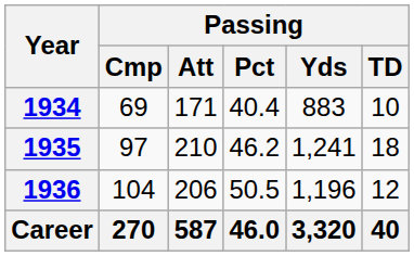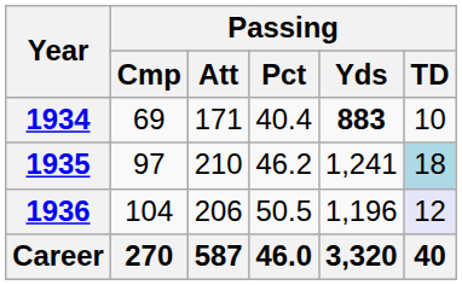 <table class="wikitable" style="text-align: center;">
 <tr>
 <th rowspan="2">Year</th>
 <th colspan="5">Passing</th>
 </tr>
 <tr>
 <th>Cmp</th>
 <th>Att</th>
 <th>Pct</th>
 <th>Yds</th>
 <th>TD</th>
 </tr>
 <tr>
 <th><a href='#'>1934</a></th>
 <td>69</td>
 <td>171</td>
 <td>40.4</td>
-<td>883</td>
+<td><strong>883</strong></td>
 <td>10</td>
 </tr>
 <tr>
 <th><a href='#'>1935</a></th>
 <td>97</td>
 <td>210</td>
 <td>46.2</td>
 <td>1,241</td>
-<td>18</td>
+<td style="background: lightblue;">18</td>
 </tr>
 <tr>
 <th><a href='#'>1936</a></th>
 <td>104</td>
 <td>206</td>
 <td>50.5</td>
 <td>1,196</td>
-<td>12</td>
+<td style="background: lavender;">12</td>
 </tr>
 <tr>
 <th>Career</th>
 <th>270</th>
 <th>587</th>
 <th>46.0</th>
 <th>3,320</th>
 <th>40</th>
 </tr>
 </table>
